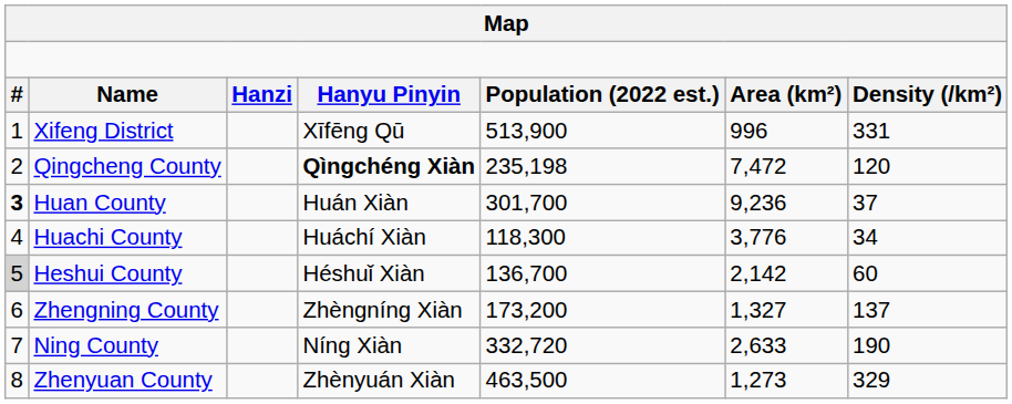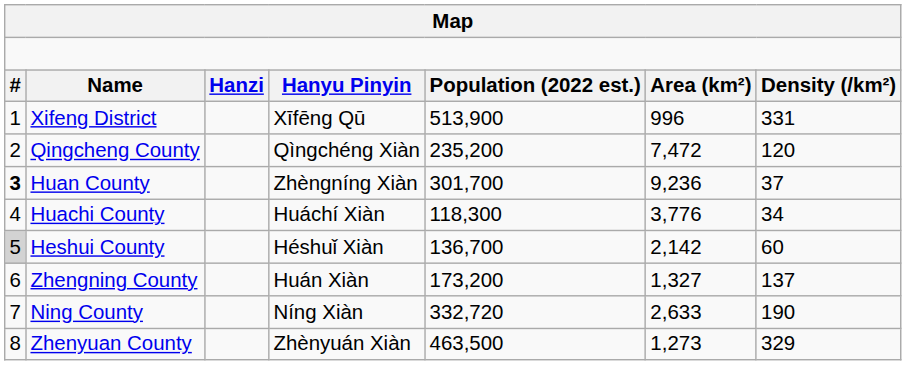 <table class="wikitable"  style="font-size:90%;" align=center>
 <tr>
 <th colspan="7" align="center">Map</th>
 </tr>
 <tr>
 <td colspan="7" align="center"><div><br>           </div></td>
 </tr>
 <tr>
 <th>#</th>
 <th>Name</th>
 <th><a href='#'>Hanzi</a></th>
 <th><a href='#'>Hanyu Pinyin</a></th>
 <th>Population (2022 est.)</th>
 <th>Area (km²)</th>
 <th>Density (/km²)</th>
 </tr>
 <tr --------->
 <td>1</td>
 <td><a href='#'>Xifeng District</a></td>
 <td></td>
 <td>Xīfēng Qū</td>
 <td>513,900</td>
 <td>996</td>
 <td>331</td>
 </tr>
 <tr --------->
 <td>2</td>
 <td><a href='#'>Qingcheng County</a></td>
 <td></td>
-<td><strong>Qìngchéng Xiàn</strong></td>
-<td>235,198</td>
+<td>Qìngchéng Xiàn</td>
+<td>235,200</td>
 <td>7,472</td>
 <td>120</td>
 </tr>
 <tr --------->
 <td><strong>3</strong></td>
 <td><a href='#'>Huan County</a></td>
 <td></td>
-<td>Huán Xiàn</td>
+<td>Zhèngníng Xiàn</td>
 <td>301,700</td>
 <td>9,236</td>
 <td>37</td>
 </tr>
 <tr --------->
 <td>4</td>
 <td><a href='#'>Huachi County</a></td>
 <td></td>
 <td>Huáchí Xiàn</td>
 <td>118,300</td>
 <td>3,776</td>
 <td>34</td>
 </tr>
 <tr --------->
 <td style="background: lightgrey;">5</td>
 <td><a href='#'>Heshui County</a></td>
 <td></td>
 <td>Héshuǐ Xiàn</td>
 <td>136,700</td>
 <td>2,142</td>
 <td>60</td>
 </tr>
 <tr --------->
 <td>6</td>
 <td><a href='#'>Zhengning County</a></td>
 <td></td>
-<td>Zhèngníng Xiàn</td>
+<td>Huán Xiàn</td>
 <td>173,200</td>
 <td>1,327</td>
 <td>137</td>
 </tr>
 <tr --------->
 <td>7</td>
 <td><a href='#'>Ning County</a></td>
 <td></td>
 <td>Níng Xiàn</td>
 <td>332,720</td>
 <td>2,633</td>
 <td>190</td>
 </tr>
 <tr --------->
 <td>8</td>
 <td><a href='#'>Zhenyuan County</a></td>
 <td></td>
 <td>Zhènyuán Xiàn</td>
 <td>463,500</td>
 <td>1,273</td>
 <td>329</td>
 </tr>
 </table>
